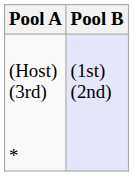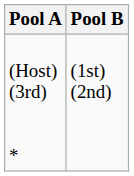 <table class="wikitable">
 <tr>
 <th width=50%>Pool A</th>
 <th width=50%>Pool B</th>
 </tr>
 <tr>
 <td><br> (Host)<br>  (3rd)<br> <br> <br> <s></s> *<br> </td>
-<td style="background: lavender;"><br> (1st)<br>  (2nd)<br> <br> <br> <br> </td>
+<td><br> (1st)<br>  (2nd)<br> <br> <br> <br> </td>
 </tr>
 </table>
